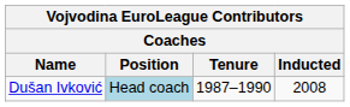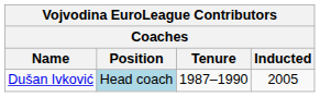 <table class="wikitable" style="text-align:center">
 <tr>
 <th colspan="5">Vojvodina EuroLeague Contributors</th>
 </tr>
 <tr>
 <th colspan="5">Coaches</th>
 </tr>
 <tr>
 <th colspan=2>Name</th>
 <th>Position</th>
 <th>Tenure</th>
 <th>Inducted</th>
 </tr>
 <tr>
 <td colspan=2><a href='#'>Dušan Ivković</a></td>
 <td style="background: lightblue;">Head coach</td>
 <td>1987–1990</td>
-<td>2008</td>
+<td>2005</td>
 </tr>
 </table>
